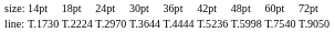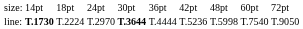 <table style="margin-left:40px;">
 <tr>
 <td>size:</td>
 <td>14pt</td>
 <td>18pt</td>
 <td>24pt</td>
 <td>30pt</td>
 <td>36pt</td>
 <td>42pt</td>
 <td>48pt</td>
 <td>60pt</td>
 <td>72pt</td>
 </tr>
 <tr>
 <td>line:</td>
-<td>T.1730</td>
+<td><strong>T.1730</strong></td>
 <td>T.2224</td>
 <td>T.2970</td>
-<td>T.3644</td>
+<td><strong>T.3644</strong></td>
 <td>T.4444</td>
 <td>T.5236</td>
 <td>T.5998</td>
 <td>T.7540</td>
 <td>T.9050</td>
 </tr>
 </table>
